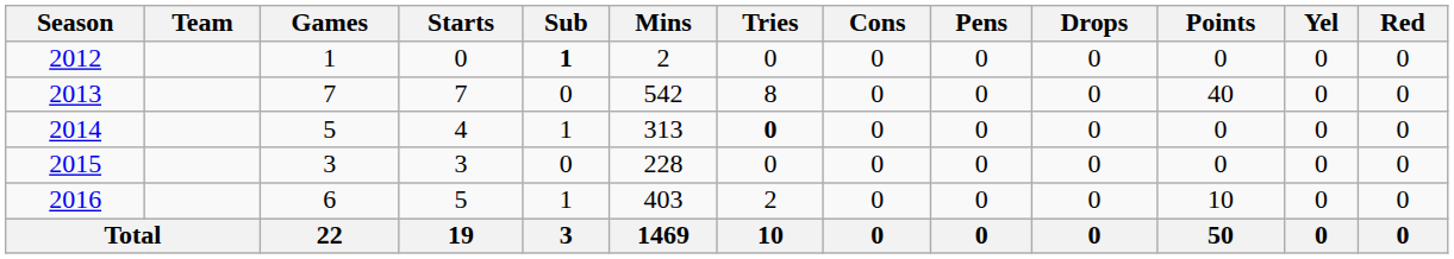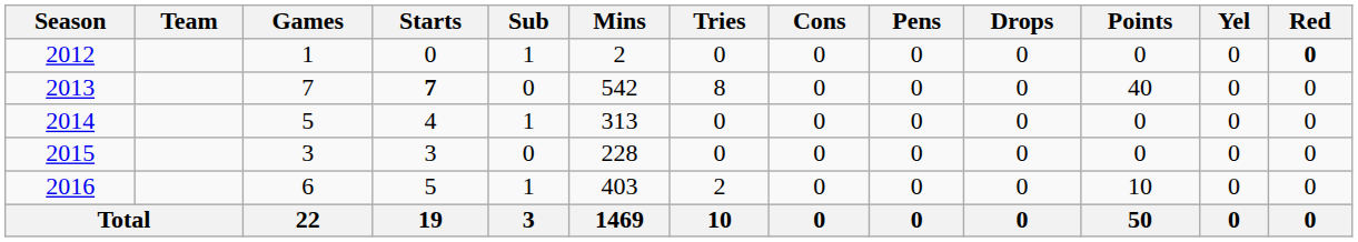 <table class="wikitable" style="text-align:center; line-height:90%; font-size:100%; width:70%;">
 <tr>
 <th>Season</th>
 <th>Team</th>
 <th>Games</th>
 <th>Starts</th>
 <th>Sub</th>
 <th>Mins</th>
 <th>Tries</th>
 <th>Cons</th>
 <th>Pens</th>
 <th>Drops</th>
 <th>Points</th>
 <th>Yel</th>
 <th>Red</th>
 </tr>
 <tr>
 <td><a href='#'>2012</a></td>
 <td></td>
 <td>1</td>
 <td>0</td>
-<td><strong>1</strong></td>
+<td>1</td>
 <td>2</td>
 <td>0</td>
 <td>0</td>
 <td>0</td>
 <td>0</td>
 <td>0</td>
 <td>0</td>
-<td>0</td>
+<td><strong>0</strong></td>
 </tr>
 <tr>
 <td><a href='#'>2013</a></td>
 <td></td>
 <td>7</td>
-<td>7</td>
+<td><strong>7</strong></td>
 <td>0</td>
 <td>542</td>
 <td>8</td>
 <td>0</td>
 <td>0</td>
 <td>0</td>
 <td>40</td>
 <td>0</td>
 <td>0</td>
 </tr>
 <tr>
 <td><a href='#'>2014</a></td>
 <td></td>
 <td>5</td>
 <td>4</td>
 <td>1</td>
 <td>313</td>
-<td><strong>0</strong></td>
+<td>0</td>
 <td>0</td>
 <td>0</td>
 <td>0</td>
 <td>0</td>
 <td>0</td>
 <td>0</td>
 </tr>
 <tr>
 <td><a href='#'>2015</a></td>
 <td></td>
 <td>3</td>
 <td>3</td>
 <td>0</td>
 <td>228</td>
 <td>0</td>
 <td>0</td>
 <td>0</td>
 <td>0</td>
 <td>0</td>
 <td>0</td>
 <td>0</td>
 </tr>
 <tr>
 <td><a href='#'>2016</a></td>
 <td></td>
 <td>6</td>
 <td>5</td>
 <td>1</td>
 <td>403</td>
 <td>2</td>
 <td>0</td>
 <td>0</td>
 <td>0</td>
 <td>10</td>
 <td>0</td>
 <td>0</td>
 </tr>
 <tr>
 <th colspan="2">Total</th>
 <th>22</th>
 <th>19</th>
 <th>3</th>
 <th>1469</th>
 <th>10</th>
 <th>0</th>
 <th>0</th>
 <th>0</th>
 <th>50</th>
 <th>0</th>
 <th>0</th>
 </tr>
 </table>
